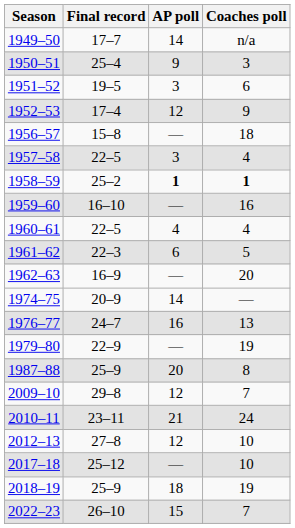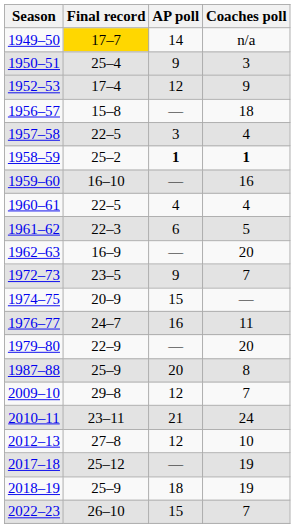 <table class="wikitable" style="text-align:center">
 <tr>
 <th>Season</th>
 <th>Final record</th>
 <th>AP poll</th>
 <th>Coaches poll</th>
 </tr>
 <tr>
 <td><a href='#'>1949–50</a></td>
-<td>17–7</td>
+<td style="background: gold;">17–7</td>
 <td>14</td>
 <td>n/a</td>
 </tr>
 <tr style="background: #e3e3e3;">
 <td><a href='#'>1950–51</a></td>
 <td>25–4</td>
 <td>9</td>
 <td>3</td>
-</tr>
-<tr>
-<td><a href='#'>1951–52</a></td>
-<td>19–5</td>
-<td>3</td>
-<td>6</td>
 </tr>
 <tr style="background: #e3e3e3;">
 <td><a href='#'>1952–53</a></td>
 <td>17–4</td>
 <td>12</td>
 <td>9</td>
 </tr>
 <tr>
 <td><a href='#'>1956–57</a></td>
 <td>15–8</td>
 <td>—</td>
 <td>18</td>
 </tr>
 <tr style="background: #e3e3e3;">
 <td><a href='#'>1957–58</a></td>
 <td>22–5</td>
 <td>3</td>
 <td>4</td>
 </tr>
 <tr>
 <td><a href='#'>1958–59</a></td>
 <td>25–2</td>
 <td><strong>1</strong></td>
 <td><strong>1</strong></td>
 </tr>
 <tr style="background: #e3e3e3;">
 <td><a href='#'>1959–60</a></td>
 <td>16–10</td>
 <td>—</td>
 <td>16</td>
 </tr>
 <tr>
 <td><a href='#'>1960–61</a></td>
 <td>22–5</td>
 <td>4</td>
 <td>4</td>
 </tr>
 <tr style="background: #e3e3e3;">
 <td><a href='#'>1961–62</a></td>
 <td>22–3</td>
 <td>6</td>
 <td>5</td>
 </tr>
 <tr>
 <td><a href='#'>1962–63</a></td>
 <td>16–9</td>
 <td>—</td>
 <td>20</td>
 </tr>
+<tr style="background: #e3e3e3;">
+<td><a href='#'>1972–73</a></td>
+<td>23–5</td>
+<td>9</td>
+<td>7</td>
+</tr>
 <tr>
 <td><a href='#'>1974–75</a></td>
 <td>20–9</td>
-<td>14</td>
+<td>15</td>
 <td>—</td>
 </tr>
 <tr style="background: #e3e3e3;">
 <td><a href='#'>1976–77</a></td>
 <td>24–7</td>
 <td>16</td>
-<td>13</td>
+<td>11</td>
 </tr>
 <tr>
 <td><a href='#'>1979–80</a></td>
 <td>22–9</td>
 <td>—</td>
-<td>19</td>
+<td>20</td>
 </tr>
 <tr style="background: #e3e3e3;">
 <td><a href='#'>1987–88</a></td>
 <td>25–9</td>
 <td>20</td>
 <td>8</td>
 </tr>
 <tr>
 <td><a href='#'>2009–10</a></td>
 <td>29–8</td>
 <td>12</td>
 <td>7</td>
 </tr>
 <tr style="background: #e3e3e3;">
 <td><a href='#'>2010–11</a></td>
 <td>23–11</td>
 <td>21</td>
 <td>24</td>
 </tr>
 <tr>
 <td><a href='#'>2012–13</a></td>
 <td>27–8</td>
 <td>12</td>
 <td>10</td>
 </tr>
 <tr style="background: #e3e3e3;">
 <td><a href='#'>2017–18</a></td>
 <td>25–12</td>
 <td>—</td>
-<td>10</td>
+<td>19</td>
 </tr>
 <tr>
 <td><a href='#'>2018–19</a></td>
 <td>25–9</td>
 <td>18</td>
 <td>19</td>
 </tr>
 <tr style="background: #e3e3e3;">
 <td><a href='#'>2022–23</a></td>
 <td>26–10</td>
 <td>15</td>
 <td>7</td>
 </tr>
 </table>
